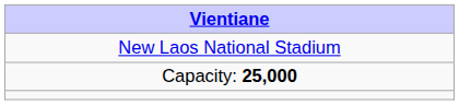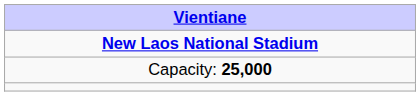 <table class="wikitable" style="text-align:center" width="400px">
 <tr>
 <th colspan=2 style = "background-color:#CCCCFF"> <a href='#'>Vientiane</a></th>
 </tr>
 <tr>
-<td><a href='#'>New Laos National Stadium</a></td>
+<td><strong><a href='#'>New Laos National Stadium</a></strong></td>
 </tr>
 <tr>
 <td>Capacity: <strong>25,000</strong></td>
 </tr>
 <tr>
 <td></td>
 </tr>
 </table>
